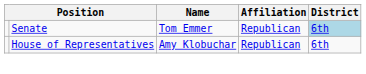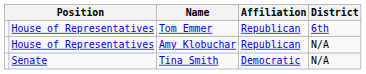 <table class="wikitable">
 <tr>
 <th colspan="2">Position</th>
 <th>Name</th>
 <th>Affiliation</th>
 <th>District</th>
 </tr>
 <tr>
 <td style="background-color:"></td>
-<td><a href='#'>Senate</a></td>
+<td><a href='#'>House of Representatives</a></td>
 <td><a href='#'>Tom Emmer</a></td>
 <td><a href='#'>Republican</a></td>
-<td style="background: lightblue;"><a href='#'>6th</a></td>
+<td><a href='#'>6th</a></td>
 </tr>
 <tr>
 <td style="background-color:"></td>
 <td><a href='#'>House of Representatives</a></td>
 <td><a href='#'>Amy Klobuchar</a></td>
 <td><a href='#'>Republican</a></td>
-<td><a href='#'>6th</a></td>
+<td>N/A</td>
+</tr>
+<tr>
+<td style="background-color:"></td>
+<td><a href='#'>Senate</a></td>
+<td><a href='#'>Tina Smith</a></td>
+<td><a href='#'>Democratic</a></td>
+<td>N/A</td>
 </tr>
 </table>
